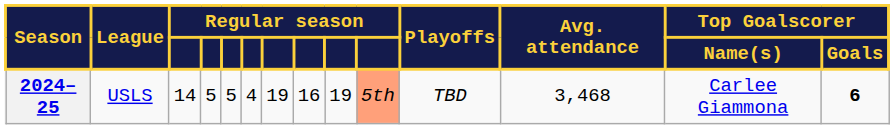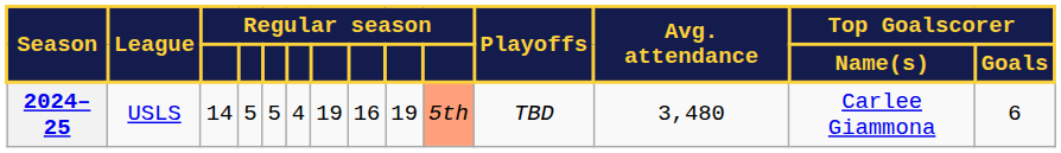 <table class="wikitable" style="text-align: center;">
 <tr>
 <th rowspan=2 style="background:#141B4D; color:#FBD13B; border:2px solid #FBD13B;" scope=col>Season</th>
 <th rowspan=2 style="background:#141B4D; color:#FBD13B; border:2px solid #FBD13B;" scope=col>League</th>
 <th colspan=8 style="background:#141B4D; color:#FBD13B; border:2px solid #FBD13B;">Regular season</th>
 <th rowspan=2 style="background:#141B4D; color:#FBD13B; border:2px solid #FBD13B;" scope=col>Playoffs</th>
 <th rowspan=2 style="background:#141B4D; color:#FBD13B; border:2px solid #FBD13B;" scope=col>Avg. attendance</th>
 <th colspan=2 style="background:#141B4D; color:#FBD13B; border:2px solid #FBD13B;">Top Goalscorer</th>
 </tr>
 <tr>
 <th style="background:#141B4D; color:#FBD13B; border:2px solid #FBD13B;" scope=col></th>
 <th style="background:#141B4D; color:#FBD13B; border:2px solid #FBD13B;" scope=col></th>
 <th style="background:#141B4D; color:#FBD13B; border:2px solid #FBD13B;" scope=col></th>
 <th style="background:#141B4D; color:#FBD13B; border:2px solid #FBD13B;" scope=col></th>
 <th style="background:#141B4D; color:#FBD13B; border:2px solid #FBD13B;" scope=col></th>
 <th style="background:#141B4D; color:#FBD13B; border:2px solid #FBD13B;" scope=col></th>
 <th style="background:#141B4D; color:#FBD13B; border:2px solid #FBD13B;" scope=col></th>
 <th style="background:#141B4D; color:#FBD13B; border:2px solid #FBD13B;" scope=col></th>
 <th style="background:#141B4D; color:#FBD13B; border:2px solid #FBD13B;" scope=col>Name(s)</th>
 <th style="background:#141B4D; color:#FBD13B; border:2px solid #FBD13B;" scope=col>Goals</th>
 </tr>
 <tr>
 <th><a href='#'>2024–25</a></th>
 <td><a href='#'>USLS</a></td>
 <td>14</td>
 <td>5</td>
 <td>5</td>
 <td>4</td>
 <td>19</td>
 <td>16</td>
 <td>19</td>
 <td style="background: lightsalmon;"><em>5th</em></td>
 <td><em>TBD</em></td>
-<td>3,468</td>
+<td>3,480</td>
 <td><a href='#'>Carlee Giammona</a></td>
-<td><strong>6</strong></td>
+<td>6</td>
 </tr>
 </table>
